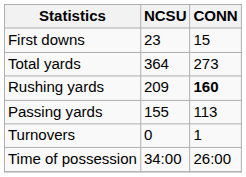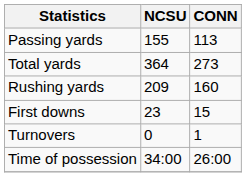 <table class="wikitable" style="float: left;">
 <tr>
 <th>Statistics</th>
 <th>NCSU</th>
 <th>CONN</th>
 </tr>
 <tr>
-<td>First downs</td>
-<td>23</td>
-<td>15</td>
+<td>Passing yards</td>
+<td>155</td>
+<td>113</td>
 </tr>
 <tr>
 <td>Total yards</td>
 <td>364</td>
 <td>273</td>
 </tr>
 <tr>
 <td>Rushing yards</td>
 <td>209</td>
-<td><strong>160</strong></td>
+<td>160</td>
 </tr>
 <tr>
-<td>Passing yards</td>
-<td>155</td>
-<td>113</td>
+<td>First downs</td>
+<td>23</td>
+<td>15</td>
 </tr>
 <tr>
 <td>Turnovers</td>
 <td>0</td>
 <td>1</td>
 </tr>
 <tr>
 <td>Time of possession</td>
 <td>34:00</td>
 <td>26:00</td>
 </tr>
 <tr>
 </tr>
 </table>
